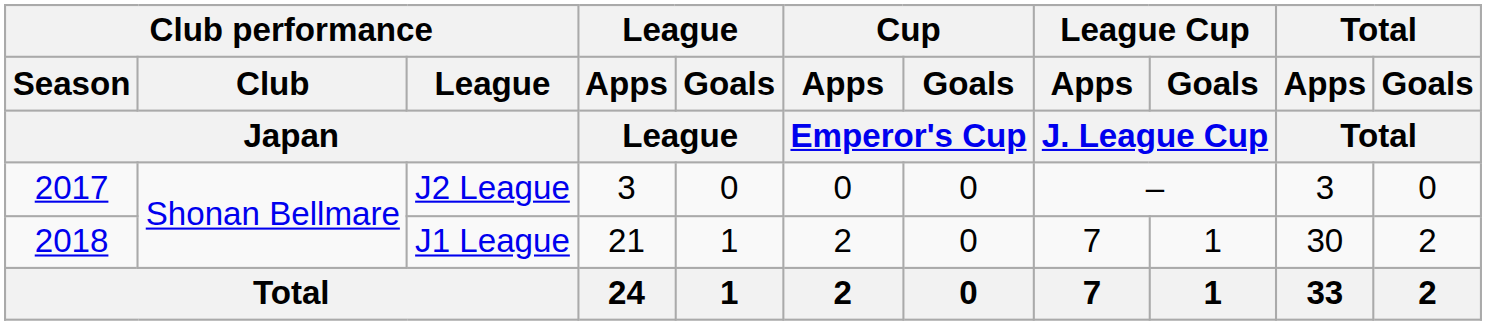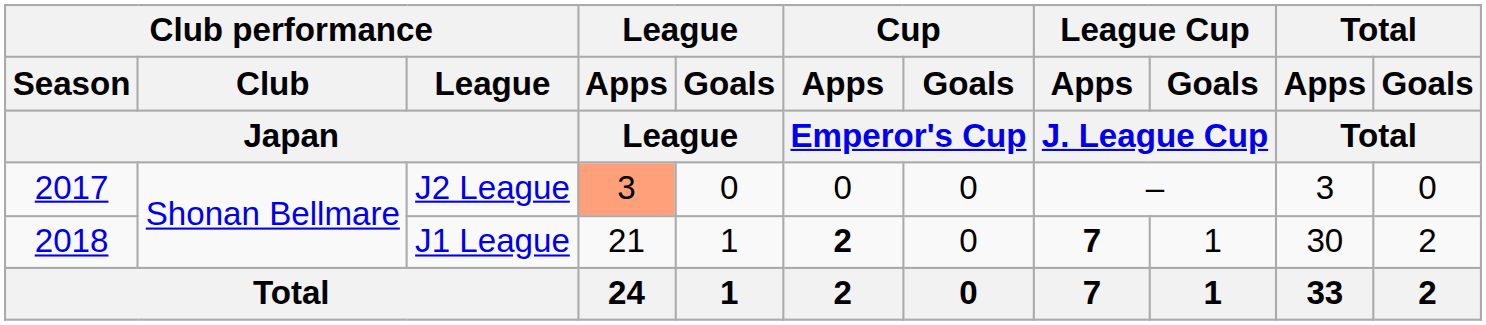 <table class="wikitable" style="text-align:center;">
 <tr>
 <th colspan=3>Club performance</th>
 <th colspan=2>League</th>
 <th colspan=2>Cup</th>
 <th colspan=2>League Cup</th>
 <th colspan=2>Total</th>
 </tr>
 <tr>
 <th>Season</th>
 <th>Club</th>
 <th>League</th>
 <th>Apps</th>
 <th>Goals</th>
 <th>Apps</th>
 <th>Goals</th>
 <th>Apps</th>
 <th>Goals</th>
 <th>Apps</th>
 <th>Goals</th>
 </tr>
 <tr>
 <th colspan=3>Japan</th>
 <th colspan=2>League</th>
 <th colspan=2><a href='#'>Emperor's Cup</a></th>
 <th colspan=2><a href='#'>J. League Cup</a></th>
 <th colspan=2>Total</th>
 </tr>
 <tr>
 <td><a href='#'>2017</a></td>
 <td rowspan="2"><a href='#'>Shonan Bellmare</a></td>
 <td rowspan="1"><a href='#'>J2 League</a></td>
-<td>3</td>
+<td style="background: lightsalmon;">3</td>
 <td>0</td>
 <td>0</td>
 <td>0</td>
 <td colspan="2">–</td>
 <td>3</td>
 <td>0</td>
 </tr>
 <tr>
 <td><a href='#'>2018</a></td>
 <td rowspan="1"><a href='#'>J1 League</a></td>
 <td>21</td>
 <td>1</td>
-<td>2</td>
+<td><strong>2</strong></td>
 <td>0</td>
-<td>7</td>
+<td><strong>7</strong></td>
 <td>1</td>
 <td>30</td>
 <td>2</td>
 </tr>
 <tr>
 <th colspan=3>Total</th>
 <th>24</th>
 <th>1</th>
 <th>2</th>
 <th>0</th>
 <th>7</th>
 <th>1</th>
 <th>33</th>
 <th>2</th>
 </tr>
 </table>
